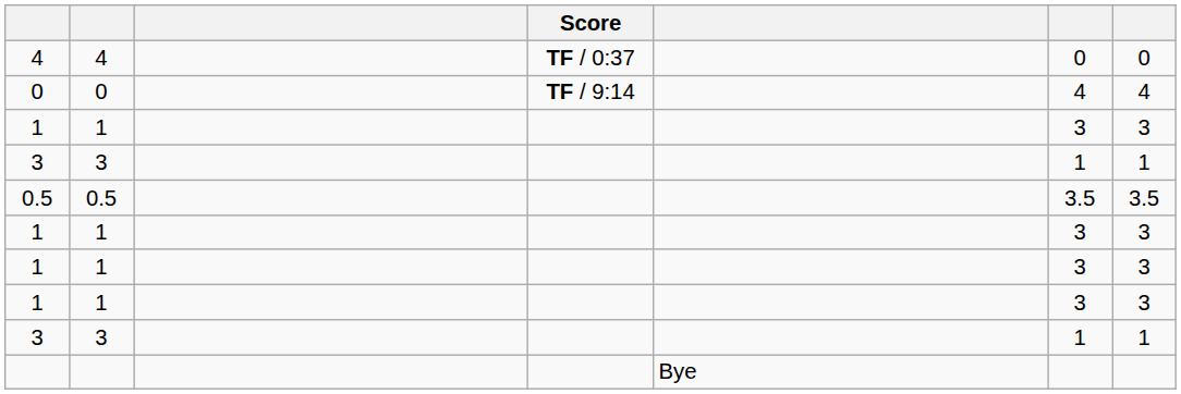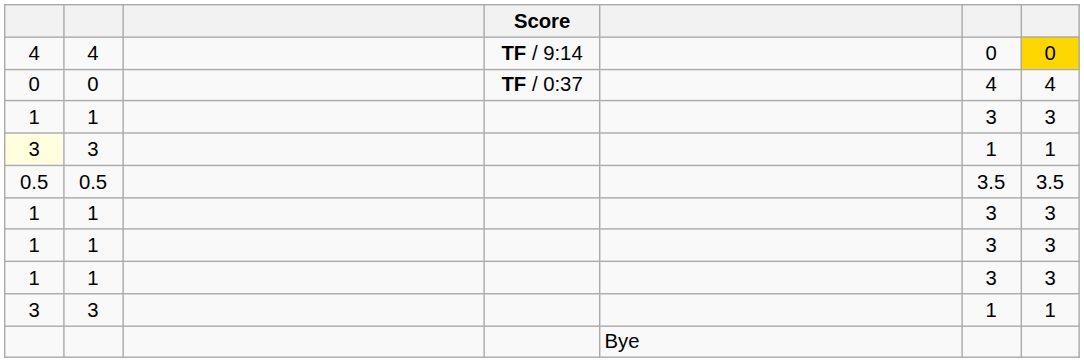 <table class="wikitable" style="text-align: center; font-size:90%" |>
 <tr>
 <th width="35"></th>
 <th width="35"></th>
 <th width="250"></th>
 <th width="75">Score</th>
 <th width="250"></th>
 <th width="35"></th>
 <th width="35"></th>
 </tr>
 <tr>
 <td>4</td>
 <td>4</td>
 <td style="text-align:left;"></td>
-<td><strong>TF</strong> / 0:37</td>
+<td><strong>TF</strong> / 9:14</td>
 <td style="text-align:left;"><strong></strong></td>
 <td>0</td>
-<td>0</td>
+<td style="background: gold;">0</td>
 </tr>
 <tr>
 <td>0</td>
 <td>0</td>
 <td style="text-align:left;"><strong></strong></td>
-<td><strong>TF</strong> / 9:14</td>
+<td><strong>TF</strong> / 0:37</td>
 <td style="text-align:left;"></td>
 <td>4</td>
 <td>4</td>
 </tr>
 <tr>
 <td>1</td>
 <td>1</td>
 <td style="text-align:left;"><strong></strong></td>
 <td></td>
 <td style="text-align:left;"></td>
 <td>3</td>
 <td>3</td>
 </tr>
 <tr>
-<td>3</td>
+<td style="background: lightyellow;">3</td>
 <td>3</td>
 <td style="text-align:left;"></td>
 <td></td>
 <td style="text-align:left;"><strong></strong></td>
 <td>1</td>
 <td>1</td>
 </tr>
 <tr>
 <td>0.5</td>
 <td>0.5</td>
 <td style="text-align:left;"><strong></strong></td>
 <td></td>
 <td style="text-align:left;"></td>
 <td>3.5</td>
 <td>3.5</td>
 </tr>
 <tr>
 <td>1</td>
 <td>1</td>
 <td style="text-align:left;"><strong></strong></td>
 <td></td>
 <td style="text-align:left;"></td>
 <td>3</td>
 <td>3</td>
 </tr>
 <tr>
 <td>1</td>
 <td>1</td>
 <td style="text-align:left;"><strong></strong></td>
 <td></td>
 <td style="text-align:left;"></td>
 <td>3</td>
 <td>3</td>
 </tr>
 <tr>
 <td>1</td>
 <td>1</td>
 <td style="text-align:left;"><strong></strong></td>
 <td></td>
 <td style="text-align:left;"></td>
 <td>3</td>
 <td>3</td>
 </tr>
 <tr>
 <td>3</td>
 <td>3</td>
 <td style="text-align:left;"></td>
 <td></td>
 <td style="text-align:left;"><strong></strong></td>
 <td>1</td>
 <td>1</td>
 </tr>
 <tr>
 <td></td>
 <td></td>
 <td style="text-align:left;"></td>
 <td></td>
 <td style="text-align:left;">Bye</td>
 <td></td>
 <td></td>
 </tr>
 </table>
